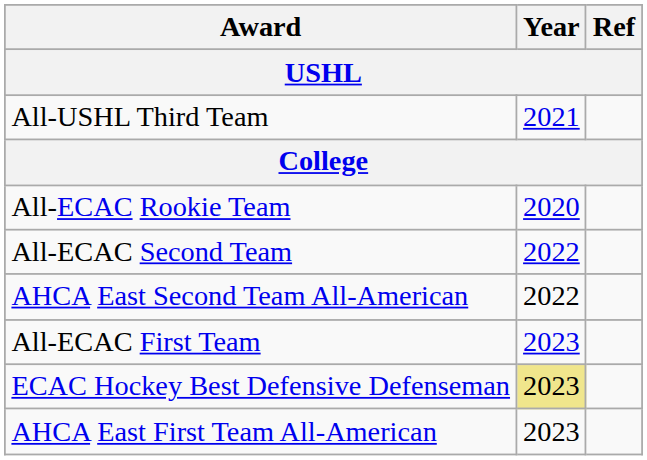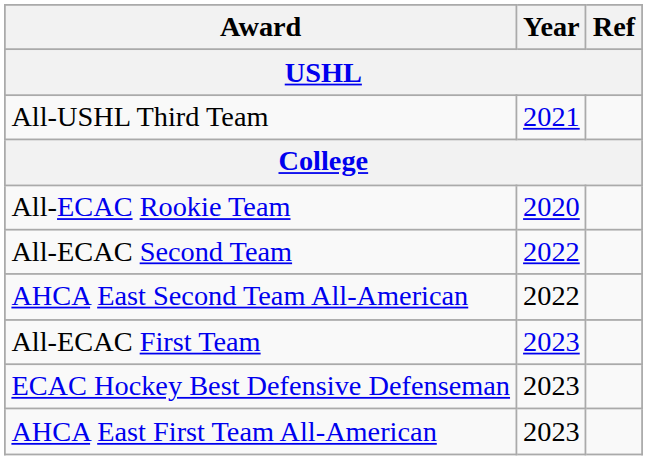 <table class="wikitable">
 <tr>
 <th>Award</th>
 <th>Year</th>
 <th>Ref</th>
 </tr>
 <tr>
 <th colspan="3"><a href='#'>USHL</a></th>
 </tr>
 <tr>
 <td>All-USHL Third Team</td>
 <td><a href='#'>2021</a></td>
 <td></td>
 </tr>
 <tr>
 <th colspan="3"><a href='#'>College</a></th>
 </tr>
 <tr>
 <td>All-<a href='#'>ECAC</a> <a href='#'>Rookie Team</a></td>
 <td><a href='#'>2020</a></td>
 <td></td>
 </tr>
 <tr>
 <td>All-ECAC <a href='#'>Second Team</a></td>
 <td><a href='#'>2022</a></td>
 <td></td>
 </tr>
 <tr>
 <td><a href='#'>AHCA</a> <a href='#'>East Second Team All-American</a></td>
 <td>2022</td>
 <td></td>
 </tr>
 <tr>
 <td>All-ECAC <a href='#'>First Team</a></td>
 <td><a href='#'>2023</a></td>
 <td></td>
 </tr>
 <tr>
 <td><a href='#'>ECAC Hockey Best Defensive Defenseman</a></td>
-<td style="background: khaki;">2023</td>
+<td>2023</td>
 <td></td>
 </tr>
 <tr>
 <td><a href='#'>AHCA</a> <a href='#'>East First Team All-American</a></td>
 <td>2023</td>
 <td></td>
 </tr>
 </table>
